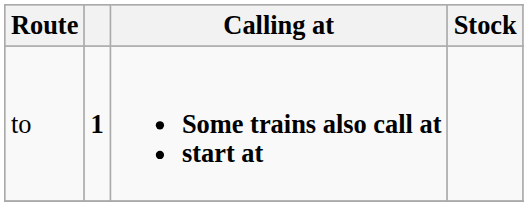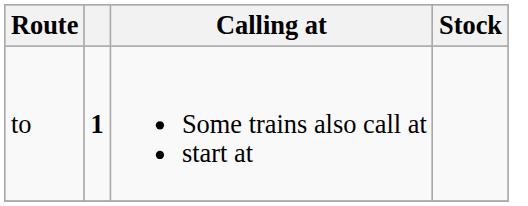 <table class="wikitable">
 <tr>
 <th>Route</th>
 <th></th>
 <th>Calling at</th>
 <th>Stock</th>
 </tr>
 <tr>
 <td> to </td>
 <td><strong>1</strong></td>
-<td><strong><br><ul><li>Some trains also call at </li><li> start at </li></ul></strong></td>
+<td><br><ul><li>Some trains also call at </li><li> start at </li></ul></td>
 <td align="center"></td>
 </tr>
 <tr>
 </tr>
 </table>
